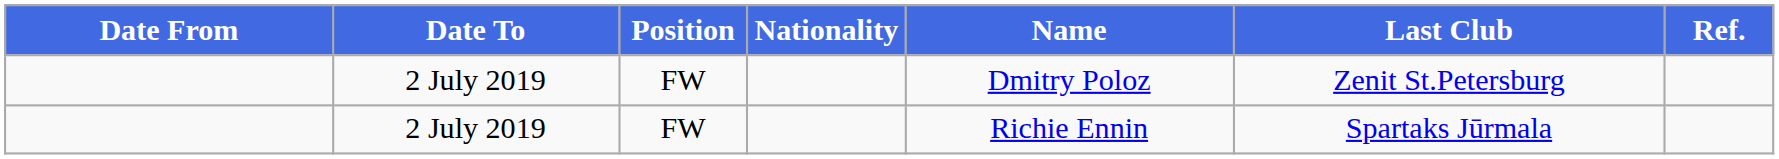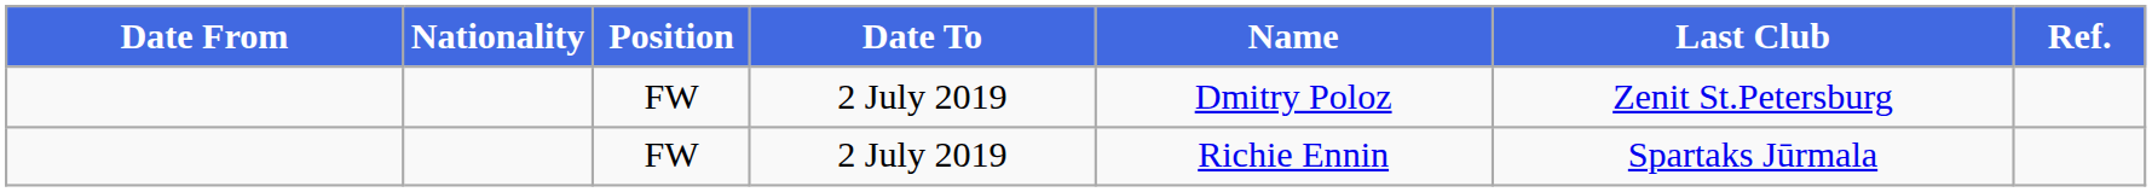 <table class="wikitable"  style="text-align:center; font-size:90%; ">
 <tr>
 <th style="background:#4169E1; color:white; width:150px;">Date From</th>
+<th style="background:#4169E1; color:white; width:55px;">Nationality</th>
+<th style="background:#4169E1; color:white; width:55px;">Position</th>
 <th style="background:#4169E1; color:white; width:130px;">Date To</th>
-<th style="background:#4169E1; color:white; width:55px;">Position</th>
-<th style="background:#4169E1; color:white; width:55px;">Nationality</th>
 <th style="background:#4169E1; color:white; width:150px;">Name</th>
 <th style="background:#4169E1; color:white; width:200px;">Last Club</th>
 <th style="background:#4169E1; color:white; width:45px;">Ref.</th>
 </tr>
 <tr>
 <td></td>
+<td></td>
+<td>FW</td>
 <td>2 July 2019</td>
-<td>FW</td>
-<td></td>
 <td><a href='#'>Dmitry Poloz</a></td>
 <td><a href='#'>Zenit St.Petersburg</a></td>
 <td></td>
 </tr>
 <tr>
 <td></td>
+<td></td>
+<td>FW</td>
 <td>2 July 2019</td>
-<td>FW</td>
-<td></td>
 <td><a href='#'>Richie Ennin</a></td>
 <td><a href='#'>Spartaks Jūrmala</a></td>
 <td></td>
 </tr>
 </table>
